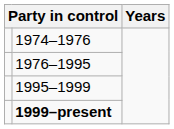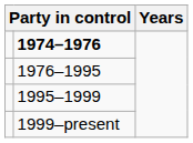 <table class="wikitable">
 <tr>
 <th colspan=2>Party in control</th>
 <th>Years</th>
 </tr>
 <tr>
 <td></td>
-<td>1974–1976</td>
+<td><strong>1974–1976</strong></td>
 </tr>
 <tr>
 <td></td>
 <td>1976–1995</td>
 </tr>
 <tr>
 <td></td>
 <td>1995–1999</td>
 </tr>
 <tr>
 <td></td>
-<td><strong>1999–present</strong></td>
+<td>1999–present</td>
 </tr>
 </table>
